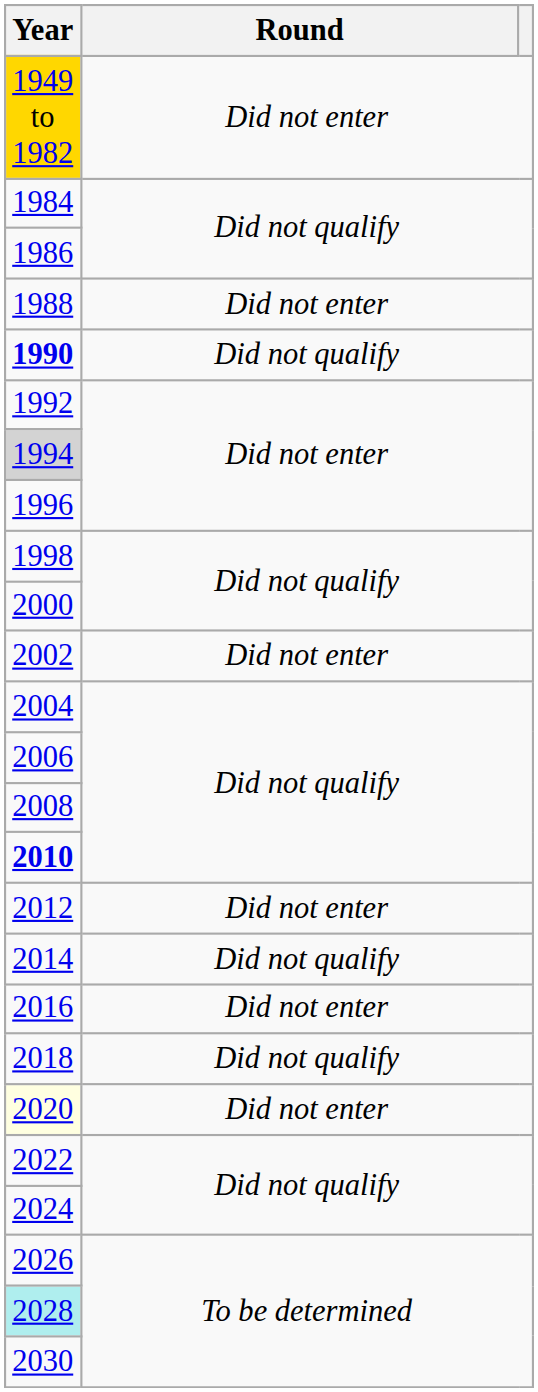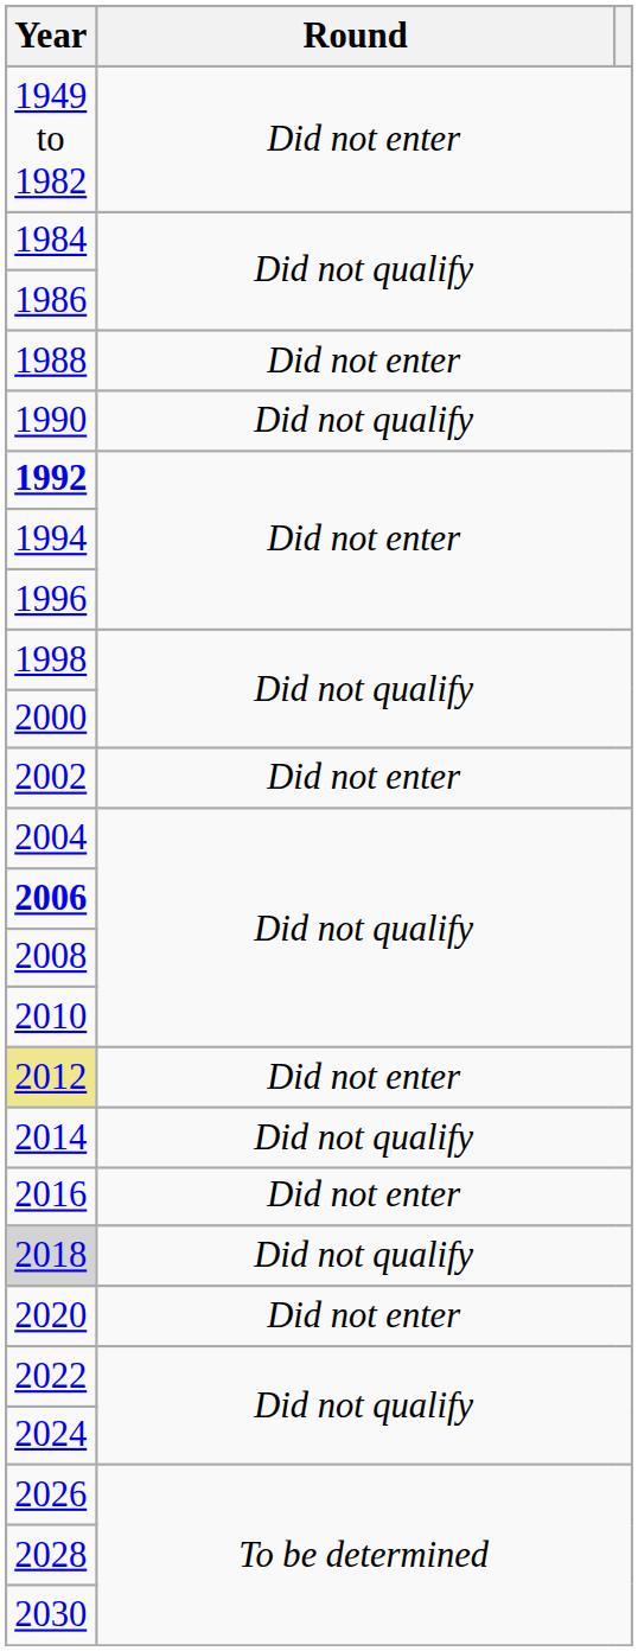 <table class="wikitable" style="text-align: center; font-size:90%">
 <tr>
 <th>Year</th>
 <th style="width:200px">Round</th>
 <th></th>
 </tr>
 <tr>
-<td style="background: gold;"><a href='#'>1949</a><br>to<br><a href='#'>1982</a></td>
+<td><a href='#'>1949</a><br>to<br><a href='#'>1982</a></td>
 <td colspan="2"><em>Did not enter</em></td>
 </tr>
 <tr>
 <td><a href='#'>1984</a></td>
 <td colspan="2" rowspan="2"><em>Did not qualify</em></td>
 </tr>
 <tr>
 <td><a href='#'>1986</a></td>
 </tr>
 <tr>
 <td><a href='#'>1988</a></td>
 <td colspan="2"><em>Did not enter</em></td>
 </tr>
 <tr>
-<td><strong><a href='#'>1990</a></strong></td>
+<td><a href='#'>1990</a></td>
 <td colspan="2"><em>Did not qualify</em></td>
 </tr>
 <tr>
-<td><a href='#'>1992</a></td>
+<td><strong><a href='#'>1992</a></strong></td>
 <td colspan="2" rowspan="3"><em>Did not enter</em></td>
 </tr>
 <tr>
-<td style="background: lightgrey;"><a href='#'>1994</a></td>
+<td><a href='#'>1994</a></td>
 </tr>
 <tr>
 <td><a href='#'>1996</a></td>
 </tr>
 <tr>
 <td><a href='#'>1998</a></td>
 <td colspan="2" rowspan="2"><em>Did not qualify</em></td>
 </tr>
 <tr>
 <td><a href='#'>2000</a></td>
 </tr>
 <tr>
 <td><a href='#'>2002</a></td>
 <td colspan="2"><em>Did not enter</em></td>
 </tr>
 <tr>
 <td><a href='#'>2004</a></td>
 <td colspan="2" rowspan="4"><em>Did not qualify</em></td>
 </tr>
 <tr>
-<td><a href='#'>2006</a></td>
+<td><strong><a href='#'>2006</a></strong></td>
 </tr>
 <tr>
 <td><a href='#'>2008</a></td>
 </tr>
 <tr>
-<td><strong><a href='#'>2010</a></strong></td>
+<td><a href='#'>2010</a></td>
 </tr>
 <tr>
-<td><a href='#'>2012</a></td>
+<td style="background: khaki;"><a href='#'>2012</a></td>
 <td colspan="2"><em>Did not enter</em></td>
 </tr>
 <tr>
 <td><a href='#'>2014</a></td>
 <td colspan="2"><em>Did not qualify</em></td>
 </tr>
 <tr>
 <td><a href='#'>2016</a></td>
 <td colspan="2"><em>Did not enter</em></td>
 </tr>
 <tr>
-<td><a href='#'>2018</a></td>
+<td style="background: lightgrey;"><a href='#'>2018</a></td>
 <td colspan="2"><em>Did not qualify</em></td>
 </tr>
 <tr>
-<td style="background: lightyellow;"><a href='#'>2020</a></td>
+<td><a href='#'>2020</a></td>
 <td colspan="2"><em>Did not enter</em></td>
 </tr>
 <tr>
 <td><a href='#'>2022</a></td>
 <td colspan="2" rowspan="2"><em>Did not qualify</em></td>
 </tr>
 <tr>
 <td><a href='#'>2024</a></td>
 </tr>
 <tr>
 <td><a href='#'>2026</a></td>
 <td colspan="2" rowspan="3"><em>To be determined</em></td>
 </tr>
 <tr>
-<td style="background: paleturquoise;"><a href='#'>2028</a></td>
+<td><a href='#'>2028</a></td>
 </tr>
 <tr>
 <td><a href='#'>2030</a></td>
 </tr>
 </table>
